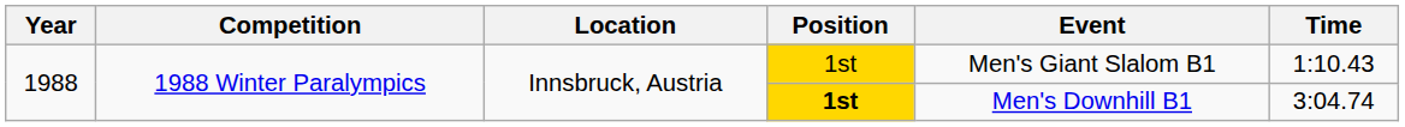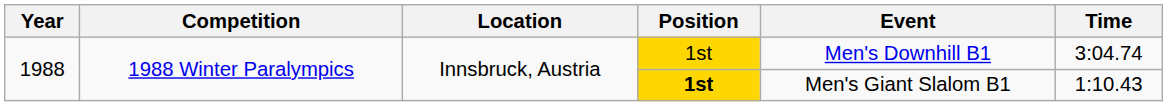 <table class="wikitable" width=65% style="font-size:90%; text-align:center;">
 <tr>
 <th>Year</th>
 <th>Competition</th>
 <th>Location</th>
 <th>Position</th>
 <th>Event</th>
 <th>Time</th>
 </tr>
 <tr>
 <td rowspan=2>1988</td>
 <td rowspan=2><a href='#'>1988 Winter Paralympics</a></td>
 <td rowspan=2>Innsbruck, Austria</td>
 <td bgcolor=gold>1st</td>
+<td><a href='#'>Men's Downhill B1</a></td>
+<td>3:04.74</td>
+</tr>
+<tr>
+<td bgcolor=gold><strong>1st</strong></td>
 <td>Men's Giant Slalom B1</td>
 <td>1:10.43</td>
 </tr>
-<tr>
-<td bgcolor=gold><strong>1st</strong></td>
-<td><a href='#'>Men's Downhill B1</a></td>
-<td>3:04.74</td>
-</tr>
 </table>
